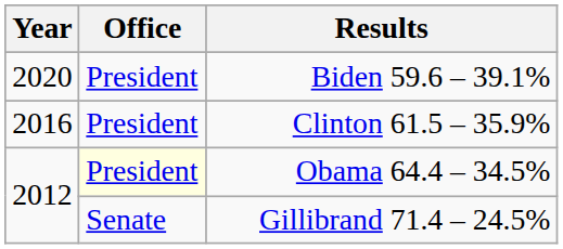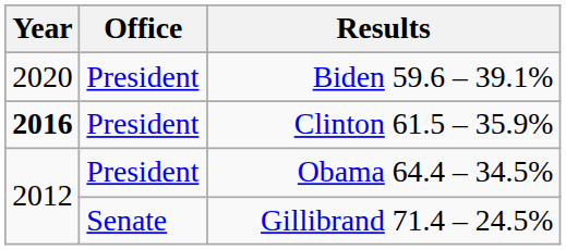 <table class=wikitable>
 <tr>
 <th width="30">Year</th>
 <th width="60">Office</th>
 <th width="180">Results</th>
 </tr>
 <tr>
 <td>2020</td>
 <td><a href='#'>President</a></td>
 <td align="right" ><a href='#'>Biden</a> 59.6 – 39.1%</td>
 </tr>
 <tr>
-<td>2016</td>
+<td><strong>2016</strong></td>
 <td><a href='#'>President</a></td>
 <td align="right" ><a href='#'>Clinton</a> 61.5 – 35.9%</td>
 </tr>
 <tr>
 <td rowspan="2">2012</td>
-<td style="background: lightyellow;"><a href='#'>President</a></td>
+<td><a href='#'>President</a></td>
 <td align="right" ><a href='#'>Obama</a> 64.4 – 34.5%</td>
 </tr>
 <tr>
 <td><a href='#'>Senate</a></td>
 <td align="right" ><a href='#'>Gillibrand</a> 71.4 – 24.5%</td>
 </tr>
 </table>
